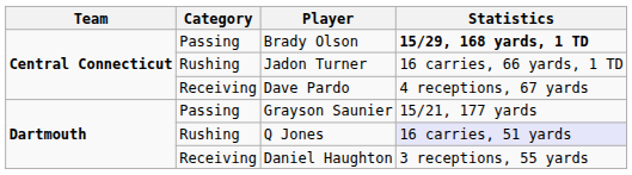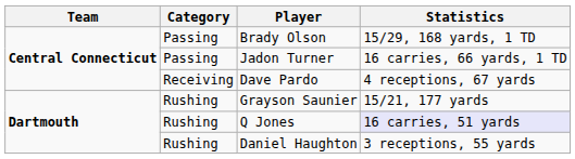 <table class="wikitable" style="float: right;">
 <tr>
 <th>Team</th>
 <th>Category</th>
 <th>Player</th>
 <th>Statistics</th>
 </tr>
 <tr>
 <td rowspan=3><strong>Central Connecticut</strong></td>
 <td>Passing</td>
 <td>Brady Olson</td>
-<td><strong>15/29, 168 yards, 1 TD</strong></td>
+<td>15/29, 168 yards, 1 TD</td>
 </tr>
 <tr>
-<td>Rushing</td>
+<td>Passing</td>
 <td>Jadon Turner</td>
 <td>16 carries, 66 yards, 1 TD</td>
 </tr>
 <tr>
 <td>Receiving</td>
 <td>Dave Pardo</td>
 <td>4 receptions, 67 yards</td>
 </tr>
 <tr>
 <td rowspan=3><strong>Dartmouth</strong></td>
-<td>Passing</td>
+<td>Rushing</td>
 <td>Grayson Saunier</td>
 <td>15/21, 177 yards</td>
 </tr>
 <tr>
 <td>Rushing</td>
 <td>Q Jones</td>
 <td style="background: lavender;">16 carries, 51 yards</td>
 </tr>
 <tr>
-<td>Receiving</td>
+<td>Rushing</td>
 <td>Daniel Haughton</td>
 <td>3 receptions, 55 yards</td>
 </tr>
 </table>
